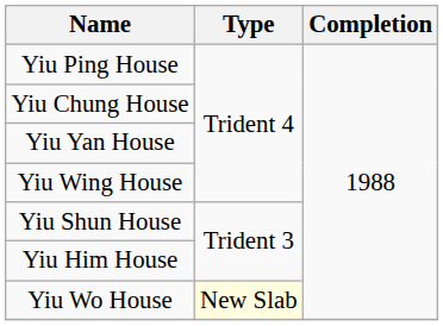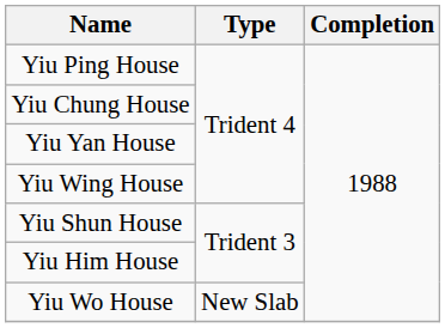 <table class="wikitable" style="text-align: center">
 <tr>
 <th>Name</th>
 <th>Type</th>
 <th>Completion</th>
 </tr>
 <tr>
 <td>Yiu Ping House</td>
 <td rowspan="4">Trident 4</td>
 <td rowspan="7">1988</td>
 </tr>
 <tr>
 <td>Yiu Chung House</td>
 </tr>
 <tr>
 <td>Yiu Yan House</td>
 </tr>
 <tr>
 <td>Yiu Wing House</td>
 </tr>
 <tr>
 <td>Yiu Shun House</td>
 <td rowspan="2">Trident 3</td>
 </tr>
 <tr>
 <td>Yiu Him House</td>
 </tr>
 <tr>
 <td>Yiu Wo House</td>
-<td rowspan="1" style="background: lightyellow;">New Slab</td>
+<td rowspan="1">New Slab</td>
 </tr>
 <tr>
 </tr>
 </table>
